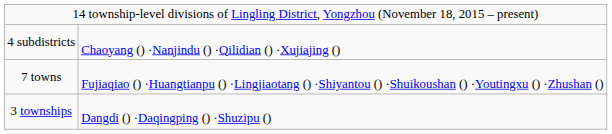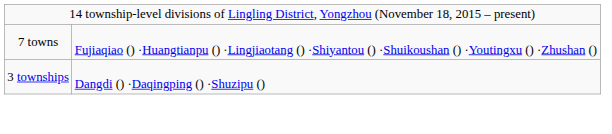 <table class="wikitable">
 <tr>
 <td style="text-align:center;" colspan="2">14 township-level divisions of <a href='#'>Lingling District</a>, <a href='#'>Yongzhou</a> (November 18, 2015 – present)</td>
-</tr>
-<tr align=left>
-<td align=center>4 subdistricts</td>
-<td><br><a href='#'>Chaoyang</a> () ·<a href='#'>Nanjindu</a> () ·<a href='#'>Qilidian</a> () ·<a href='#'>Xujiajing</a> ()</td>
 </tr>
 <tr align=left>
 <td align=center>7 towns</td>
 <td><br><a href='#'>Fujiaqiao</a> () ·<a href='#'>Huangtianpu</a> () ·<a href='#'>Lingjiaotang</a> () ·<a href='#'>Shiyantou</a> () ·<a href='#'>Shuikoushan</a> () ·<a href='#'>Youtingxu</a> () ·<a href='#'>Zhushan</a> ()</td>
 </tr>
 <tr align=left>
 <td align=center>3 <a href='#'>townships</a></td>
 <td><br><a href='#'>Dangdi</a> () ·<a href='#'>Daqingping</a> () ·<a href='#'>Shuzipu</a> ()</td>
 </tr>
 </table>
